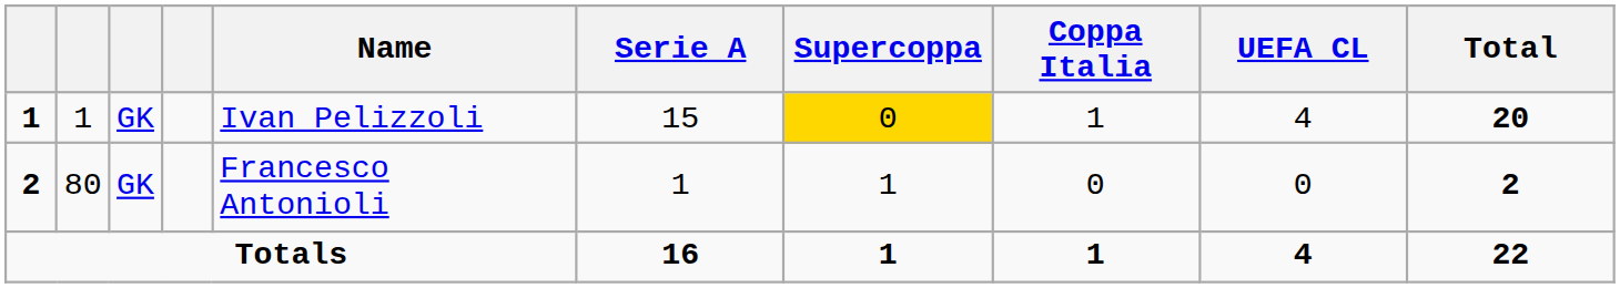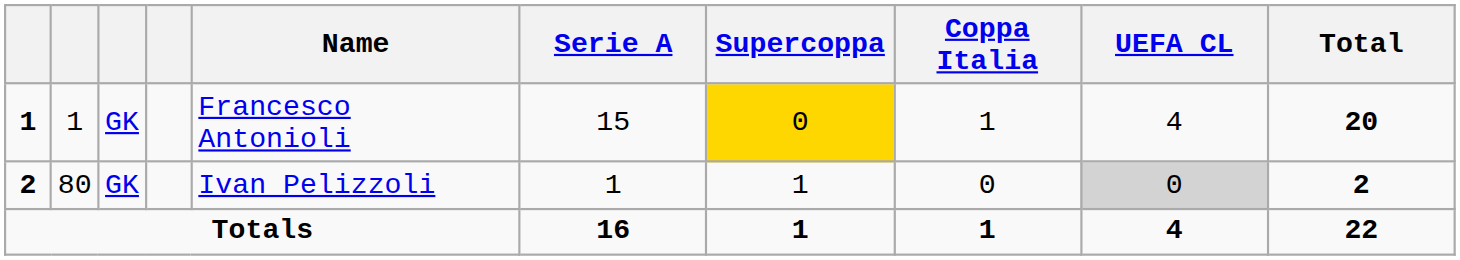 <table class="wikitable" style="text-align:center">
 <tr>
 <th width=15></th>
 <th width=15></th>
 <th width=15></th>
 <th width=15></th>
 <th width=145>Name</th>
 <th width=80><a href='#'>Serie A</a></th>
 <th width=80><a href='#'>Supercoppa</a></th>
 <th width=80><a href='#'>Coppa Italia</a></th>
 <th width=80><a href='#'>UEFA CL</a></th>
 <th width=80>Total</th>
 </tr>
 <tr>
 <td><strong>1</strong></td>
 <td>1</td>
 <td><a href='#'>GK</a></td>
 <td></td>
-<td align=left><a href='#'>Ivan Pelizzoli</a></td>
+<td align=left><a href='#'>Francesco Antonioli</a></td>
 <td>15</td>
 <td style="background: gold;">0</td>
 <td>1</td>
 <td>4</td>
 <td><strong>20</strong></td>
 </tr>
 <tr>
 <td><strong>2</strong></td>
 <td>80</td>
 <td><a href='#'>GK</a></td>
 <td></td>
-<td align=left><a href='#'>Francesco Antonioli</a></td>
+<td align=left><a href='#'>Ivan Pelizzoli</a></td>
 <td>1</td>
 <td>1</td>
 <td>0</td>
-<td>0</td>
+<td style="background: lightgrey;">0</td>
 <td><strong>2</strong></td>
 </tr>
 <tr>
 <td colspan=5><strong>Totals</strong></td>
 <td><strong>16</strong></td>
 <td><strong>1</strong></td>
 <td><strong>1</strong></td>
 <td><strong>4</strong></td>
 <td><strong>22</strong></td>
 </tr>
 </table>
